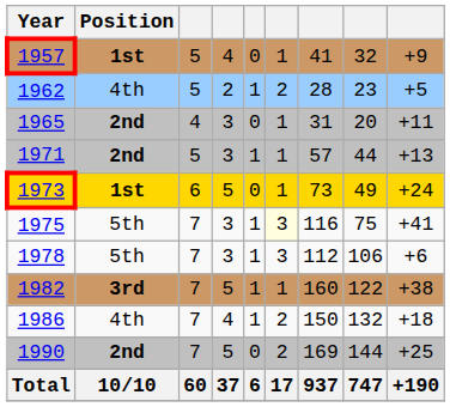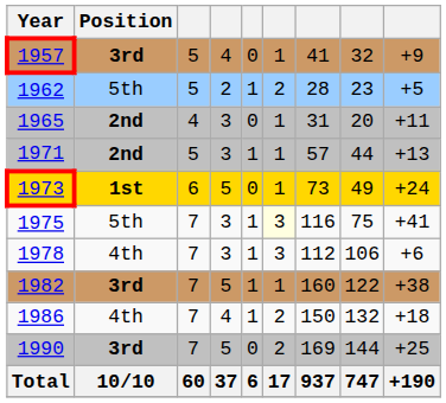 <table class="wikitable" style="text-align: center;">
 <tr>
 <th>Year</th>
 <th>Position</th>
 <th></th>
 <th></th>
 <th></th>
 <th></th>
 <th></th>
 <th></th>
 <th></th>
 </tr>
 <tr style="background:#c96;">
 <td style="border: 3px solid red"> <a href='#'>1957</a></td>
-<td><strong>1st</strong> </td>
+<td><strong>3rd</strong> </td>
 <td>5</td>
 <td>4</td>
 <td>0</td>
 <td>1</td>
 <td>41</td>
 <td>32</td>
 <td>+9</td>
 </tr>
 <tr style="background:#9acdff">
 <td> <a href='#'>1962</a></td>
-<td>4th</td>
+<td>5th</td>
 <td>5</td>
 <td>2</td>
 <td>1</td>
 <td>2</td>
 <td>28</td>
 <td>23</td>
 <td>+5</td>
 </tr>
 <tr style="background:silver;">
 <td> <a href='#'>1965</a></td>
 <td><strong>2nd</strong> </td>
 <td>4</td>
 <td>3</td>
 <td>0</td>
 <td>1</td>
 <td>31</td>
 <td>20</td>
 <td>+11</td>
 </tr>
 <tr style="background:silver;">
 <td> <a href='#'>1971</a></td>
 <td><strong>2nd</strong> </td>
 <td>5</td>
 <td>3</td>
 <td>1</td>
 <td>1</td>
 <td>57</td>
 <td>44</td>
 <td>+13</td>
 </tr>
 <tr style="background:gold;">
 <td style="border: 3px solid red"> <a href='#'>1973</a></td>
 <td><strong>1st</strong> </td>
 <td>6</td>
 <td>5</td>
 <td>0</td>
 <td>1</td>
 <td>73</td>
 <td>49</td>
 <td>+24</td>
 </tr>
 <tr>
 <td> <a href='#'>1975</a></td>
 <td>5th</td>
 <td>7</td>
 <td>3</td>
 <td>1</td>
 <td style="background: lightyellow;">3</td>
 <td>116</td>
 <td>75</td>
 <td>+41</td>
 </tr>
 <tr>
 <td> <a href='#'>1978</a></td>
-<td>5th</td>
+<td>4th</td>
 <td>7</td>
 <td>3</td>
 <td>1</td>
 <td>3</td>
 <td>112</td>
 <td>106</td>
 <td>+6</td>
 </tr>
 <tr style="background:#c96;">
 <td> <a href='#'>1982</a></td>
 <td><strong>3rd</strong> </td>
 <td>7</td>
 <td>5</td>
 <td>1</td>
 <td>1</td>
 <td>160</td>
 <td>122</td>
 <td>+38</td>
 </tr>
 <tr>
 <td> <a href='#'>1986</a></td>
 <td>4th</td>
 <td>7</td>
 <td>4</td>
 <td>1</td>
 <td>2</td>
 <td>150</td>
 <td>132</td>
 <td>+18</td>
 </tr>
 <tr style="background:silver;">
 <td> <a href='#'>1990</a></td>
-<td><strong>2nd</strong> </td>
+<td><strong>3rd</strong> </td>
 <td>7</td>
 <td>5</td>
 <td>0</td>
 <td>2</td>
 <td>169</td>
 <td>144</td>
 <td>+25</td>
 </tr>
 <tr>
 <th>Total</th>
 <th>10/10</th>
 <th>60</th>
 <th>37</th>
 <th>6</th>
 <th>17</th>
 <th>937</th>
 <th>747</th>
 <th>+190</th>
 </tr>
 <tr>
 </tr>
 </table>
